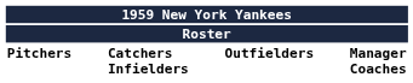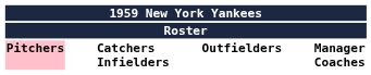 <table class="toccolours" style="font-size: 95%;">
 <tr>
 <th colspan="10" style="background-color: #1c2841; color: white; text-align: center;">1959 New York Yankees</th>
 </tr>
 <tr>
 <td colspan="10" style="background-color: #1c2841; color: white; text-align: center;"><strong>Roster</strong></td>
 </tr>
 <tr>
-<td valign="top"><strong>Pitchers</strong><br>                </td>
+<td valign="top" style="background: pink;"><strong>Pitchers</strong><br>                </td>
 <td width="25px"></td>
 <td valign="top"><strong>Catchers</strong><br>  <strong>Infielders</strong>           </td>
 <td width="25px"></td>
 <td valign="top"><strong>Outfielders</strong><br>      </td>
 <td width="25px"></td>
 <td valign="top"><strong>Manager</strong><br> <strong>Coaches</strong>    </td>
 </tr>
 </table>
